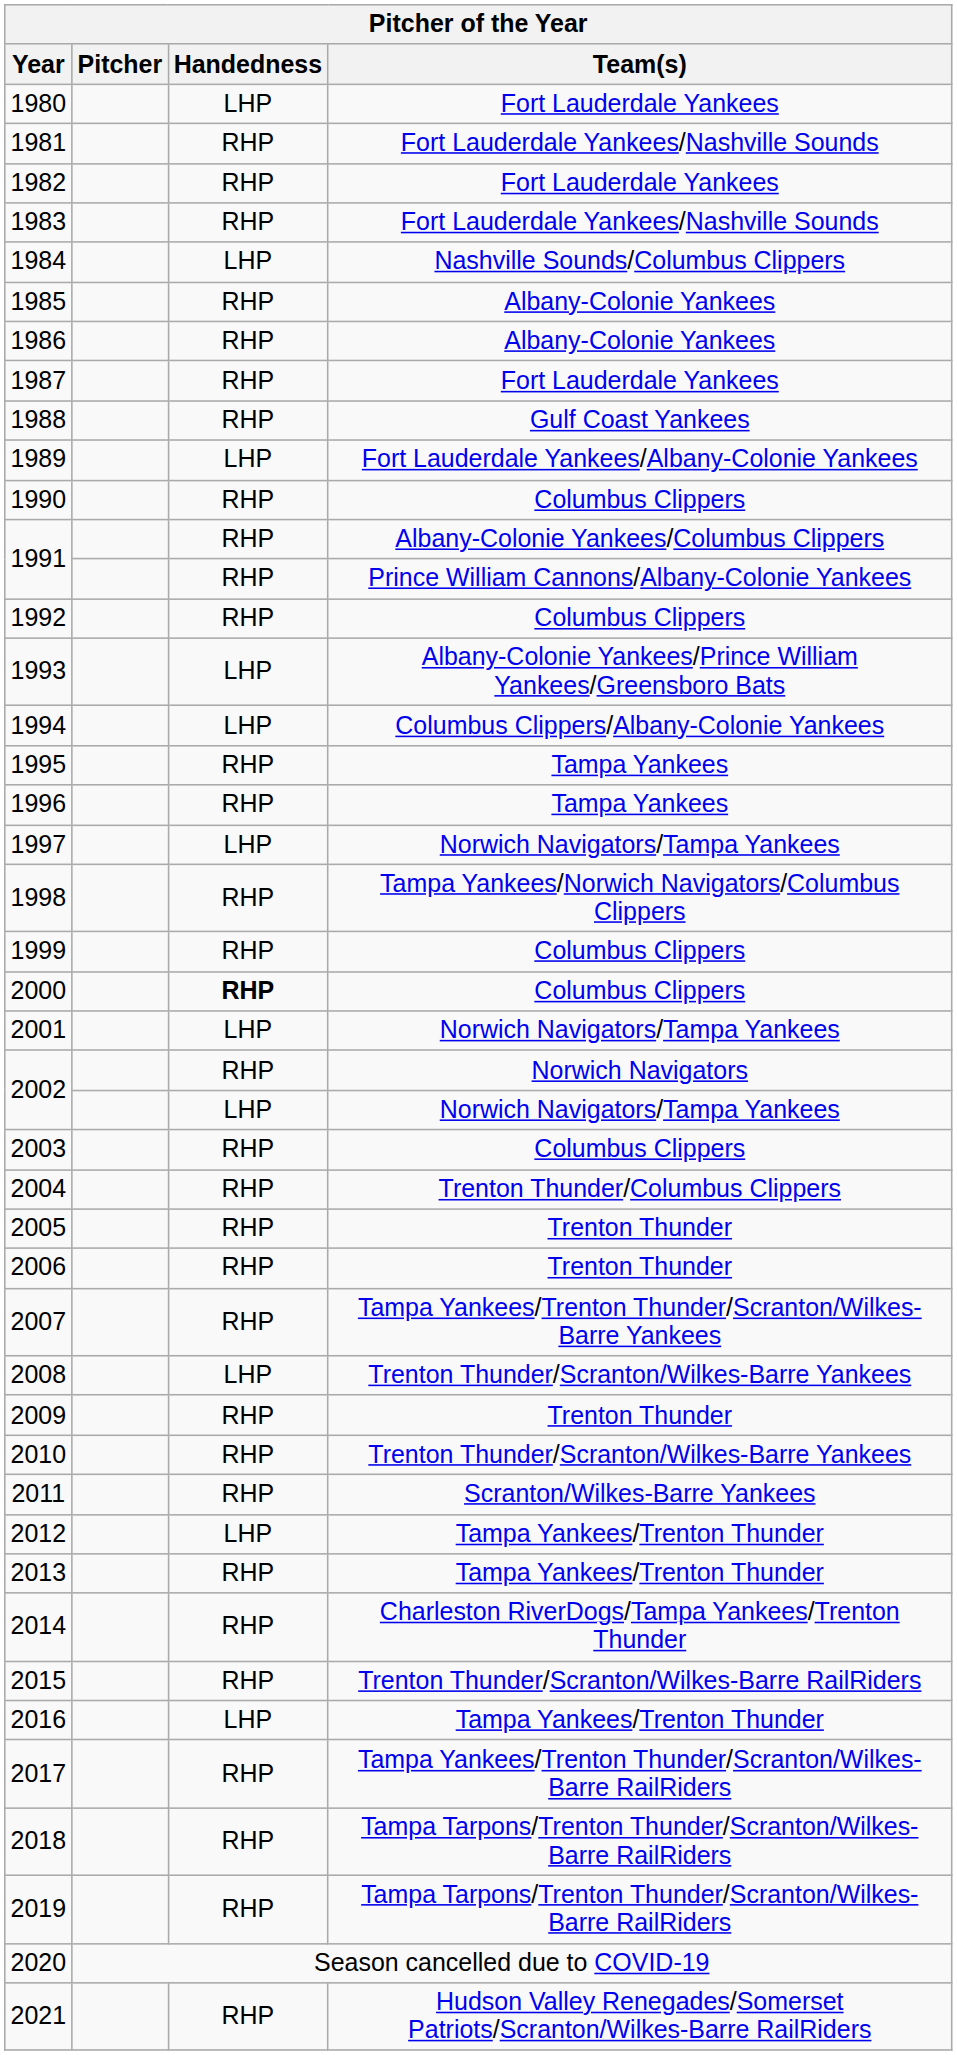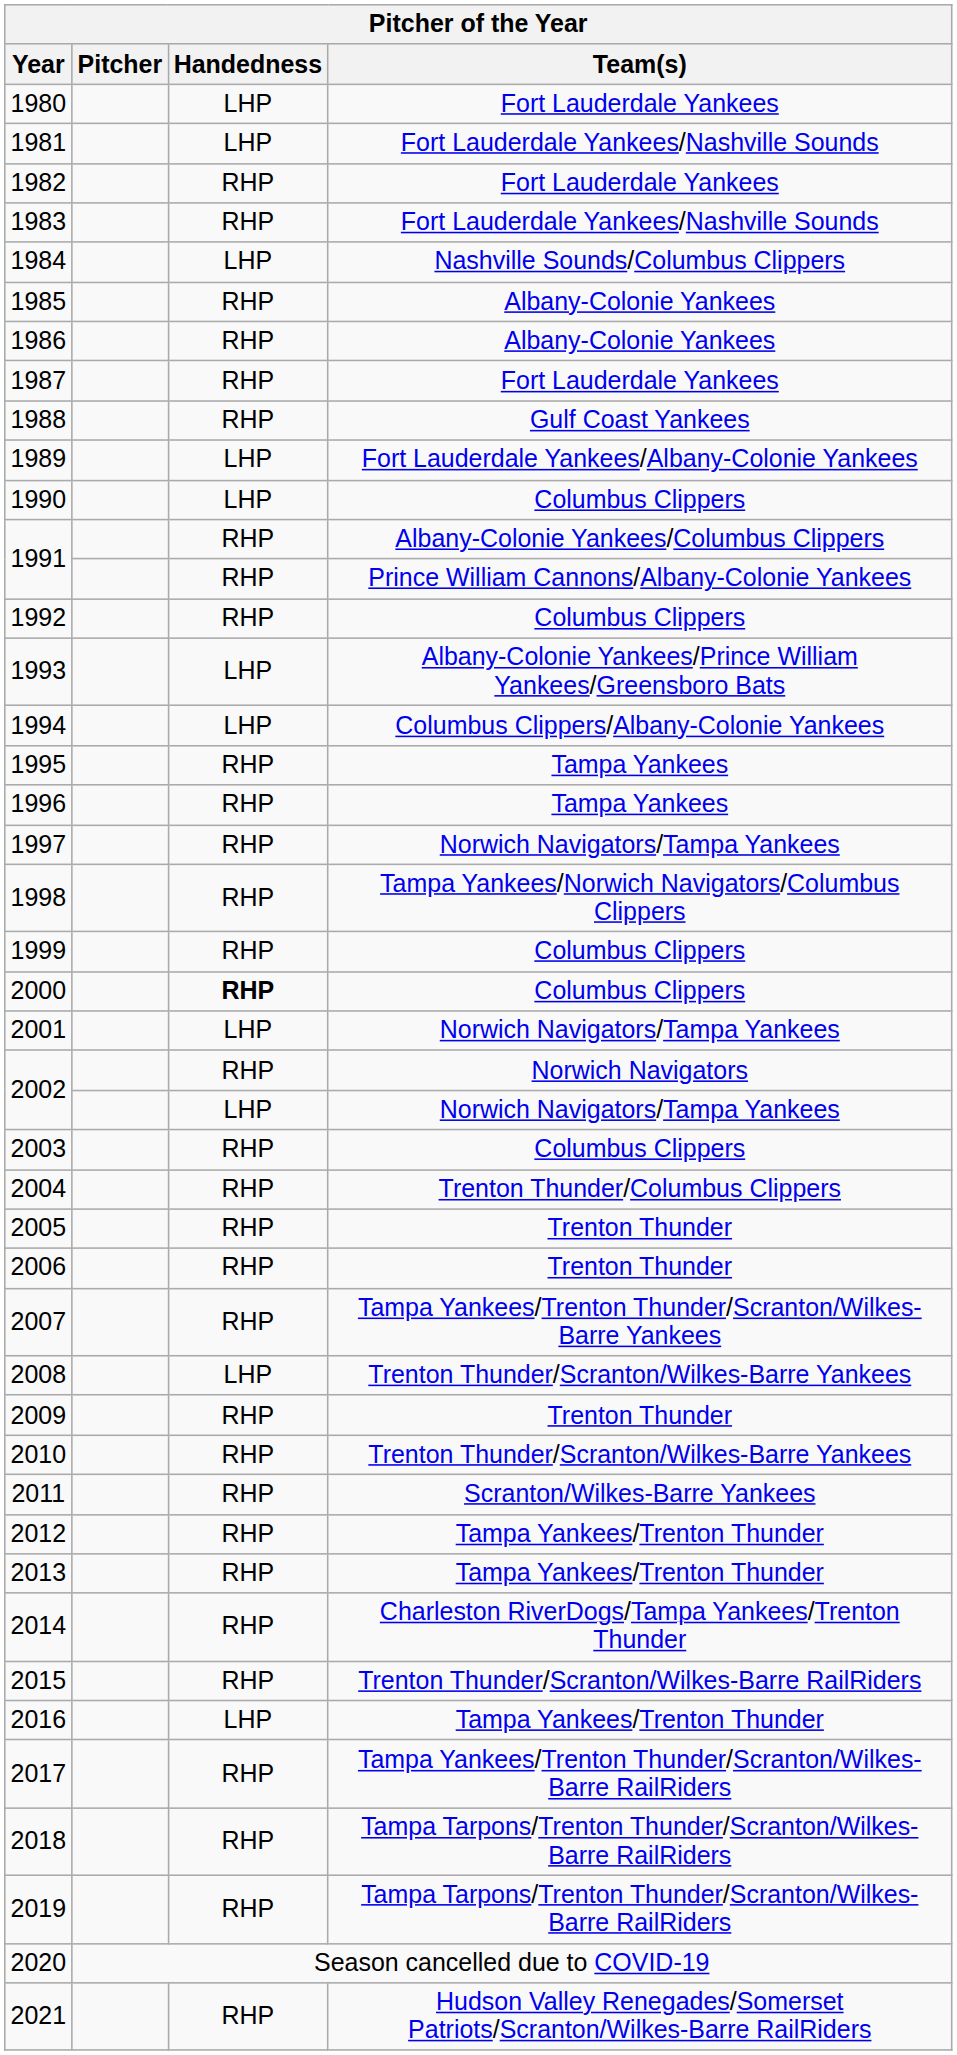 <table class="wikitable" style="text-align:center;">
 <tr>
 <th colspan=4>Pitcher of the Year</th>
 </tr>
 <tr>
 <th>Year</th>
 <th>Pitcher</th>
 <th>Handedness</th>
 <th>Team(s)</th>
 </tr>
 <tr>
 <td>1980</td>
 <td></td>
 <td>LHP</td>
 <td><a href='#'>Fort Lauderdale Yankees</a></td>
 </tr>
 <tr>
 <td>1981</td>
 <td></td>
-<td>RHP</td>
+<td>LHP</td>
 <td><a href='#'>Fort Lauderdale Yankees</a>/<a href='#'>Nashville Sounds</a></td>
 </tr>
 <tr>
 <td>1982</td>
 <td></td>
 <td>RHP</td>
 <td><a href='#'>Fort Lauderdale Yankees</a></td>
 </tr>
 <tr>
 <td>1983</td>
 <td></td>
 <td>RHP</td>
 <td><a href='#'>Fort Lauderdale Yankees</a>/<a href='#'>Nashville Sounds</a></td>
 </tr>
 <tr>
 <td>1984</td>
 <td></td>
 <td>LHP</td>
 <td><a href='#'>Nashville Sounds</a>/<a href='#'>Columbus Clippers</a></td>
 </tr>
 <tr>
 <td>1985</td>
 <td></td>
 <td>RHP</td>
 <td><a href='#'>Albany-Colonie Yankees</a></td>
 </tr>
 <tr>
 <td>1986</td>
 <td></td>
 <td>RHP</td>
 <td><a href='#'>Albany-Colonie Yankees</a></td>
 </tr>
 <tr>
 <td>1987</td>
 <td></td>
 <td>RHP</td>
 <td><a href='#'>Fort Lauderdale Yankees</a></td>
 </tr>
 <tr>
 <td>1988</td>
 <td></td>
 <td>RHP</td>
 <td><a href='#'>Gulf Coast Yankees</a></td>
 </tr>
 <tr>
 <td>1989</td>
 <td></td>
 <td>LHP</td>
 <td><a href='#'>Fort Lauderdale Yankees</a>/<a href='#'>Albany-Colonie Yankees</a></td>
 </tr>
 <tr>
 <td>1990</td>
 <td></td>
-<td>RHP</td>
+<td>LHP</td>
 <td><a href='#'>Columbus Clippers</a></td>
 </tr>
 <tr>
 <td rowspan=2>1991</td>
 <td></td>
 <td>RHP</td>
 <td><a href='#'>Albany-Colonie Yankees</a>/<a href='#'>Columbus Clippers</a></td>
 </tr>
 <tr>
 <td></td>
 <td>RHP</td>
 <td><a href='#'>Prince William Cannons</a>/<a href='#'>Albany-Colonie Yankees</a></td>
 </tr>
 <tr>
 <td>1992</td>
 <td></td>
 <td>RHP</td>
 <td><a href='#'>Columbus Clippers</a></td>
 </tr>
 <tr>
 <td>1993</td>
 <td></td>
 <td>LHP</td>
 <td><a href='#'>Albany-Colonie Yankees</a>/<a href='#'>Prince William Yankees</a>/<a href='#'>Greensboro Bats</a></td>
 </tr>
 <tr>
 <td>1994</td>
 <td></td>
 <td>LHP</td>
 <td><a href='#'>Columbus Clippers</a>/<a href='#'>Albany-Colonie Yankees</a></td>
 </tr>
 <tr>
 <td>1995</td>
 <td></td>
 <td>RHP</td>
 <td><a href='#'>Tampa Yankees</a></td>
 </tr>
 <tr>
 <td>1996</td>
 <td></td>
 <td>RHP</td>
 <td><a href='#'>Tampa Yankees</a></td>
 </tr>
 <tr>
 <td>1997</td>
 <td></td>
-<td>LHP</td>
+<td>RHP</td>
 <td><a href='#'>Norwich Navigators</a>/<a href='#'>Tampa Yankees</a></td>
 </tr>
 <tr>
 <td>1998</td>
 <td></td>
 <td>RHP</td>
 <td><a href='#'>Tampa Yankees</a>/<a href='#'>Norwich Navigators</a>/<a href='#'>Columbus Clippers</a></td>
 </tr>
 <tr>
 <td>1999</td>
 <td></td>
 <td>RHP</td>
 <td><a href='#'>Columbus Clippers</a></td>
 </tr>
 <tr>
 <td>2000</td>
 <td></td>
 <td><strong>RHP</strong></td>
 <td><a href='#'>Columbus Clippers</a></td>
 </tr>
 <tr>
 <td>2001</td>
 <td></td>
 <td>LHP</td>
 <td><a href='#'>Norwich Navigators</a>/<a href='#'>Tampa Yankees</a></td>
 </tr>
 <tr>
 <td rowspan=2>2002</td>
 <td></td>
 <td>RHP</td>
 <td><a href='#'>Norwich Navigators</a></td>
 </tr>
 <tr>
 <td></td>
 <td>LHP</td>
 <td><a href='#'>Norwich Navigators</a>/<a href='#'>Tampa Yankees</a></td>
 </tr>
 <tr>
 <td>2003</td>
 <td></td>
 <td>RHP</td>
 <td><a href='#'>Columbus Clippers</a></td>
 </tr>
 <tr>
 <td>2004</td>
 <td></td>
 <td>RHP</td>
 <td><a href='#'>Trenton Thunder</a>/<a href='#'>Columbus Clippers</a></td>
 </tr>
 <tr>
 <td>2005</td>
 <td></td>
 <td>RHP</td>
 <td><a href='#'>Trenton Thunder</a></td>
 </tr>
 <tr>
 <td>2006</td>
 <td></td>
 <td>RHP</td>
 <td><a href='#'>Trenton Thunder</a></td>
 </tr>
 <tr>
 <td>2007</td>
 <td></td>
 <td>RHP</td>
 <td><a href='#'>Tampa Yankees</a>/<a href='#'>Trenton Thunder</a>/<a href='#'>Scranton/Wilkes-Barre Yankees</a></td>
 </tr>
 <tr>
 <td>2008</td>
 <td></td>
 <td>LHP</td>
 <td><a href='#'>Trenton Thunder</a>/<a href='#'>Scranton/Wilkes-Barre Yankees</a></td>
 </tr>
 <tr>
 <td>2009</td>
 <td></td>
 <td>RHP</td>
 <td><a href='#'>Trenton Thunder</a></td>
 </tr>
 <tr>
 <td>2010</td>
 <td></td>
 <td>RHP</td>
 <td><a href='#'>Trenton Thunder</a>/<a href='#'>Scranton/Wilkes-Barre Yankees</a></td>
 </tr>
 <tr>
 <td>2011</td>
 <td></td>
 <td>RHP</td>
 <td><a href='#'>Scranton/Wilkes-Barre Yankees</a></td>
 </tr>
 <tr>
 <td>2012</td>
 <td></td>
-<td>LHP</td>
+<td>RHP</td>
 <td><a href='#'>Tampa Yankees</a>/<a href='#'>Trenton Thunder</a></td>
 </tr>
 <tr>
 <td>2013</td>
 <td></td>
 <td>RHP</td>
 <td><a href='#'>Tampa Yankees</a>/<a href='#'>Trenton Thunder</a></td>
 </tr>
 <tr>
 <td>2014</td>
 <td></td>
 <td>RHP</td>
 <td><a href='#'>Charleston RiverDogs</a>/<a href='#'>Tampa Yankees</a>/<a href='#'>Trenton Thunder</a></td>
 </tr>
 <tr>
 <td>2015</td>
 <td></td>
 <td>RHP</td>
 <td><a href='#'>Trenton Thunder</a>/<a href='#'>Scranton/Wilkes-Barre RailRiders</a></td>
 </tr>
 <tr>
 <td>2016</td>
 <td></td>
 <td>LHP</td>
 <td><a href='#'>Tampa Yankees</a>/<a href='#'>Trenton Thunder</a></td>
 </tr>
 <tr>
 <td>2017</td>
 <td></td>
 <td>RHP</td>
 <td><a href='#'>Tampa Yankees</a>/<a href='#'>Trenton Thunder</a>/<a href='#'>Scranton/Wilkes-Barre RailRiders</a></td>
 </tr>
 <tr>
 <td>2018</td>
 <td></td>
 <td>RHP</td>
 <td><a href='#'>Tampa Tarpons</a>/<a href='#'>Trenton Thunder</a>/<a href='#'>Scranton/Wilkes-Barre RailRiders</a></td>
 </tr>
 <tr>
 <td>2019</td>
 <td></td>
 <td>RHP</td>
 <td><a href='#'>Tampa Tarpons</a>/<a href='#'>Trenton Thunder</a>/<a href='#'>Scranton/Wilkes-Barre RailRiders</a></td>
 </tr>
 <tr>
 <td>2020</td>
 <td colspan=3>Season cancelled due to <a href='#'>COVID-19</a></td>
 </tr>
 <tr>
 <td>2021</td>
 <td></td>
 <td>RHP</td>
 <td><a href='#'>Hudson Valley Renegades</a>/<a href='#'>Somerset Patriots</a>/<a href='#'>Scranton/Wilkes-Barre RailRiders</a></td>
 </tr>
 </table>
